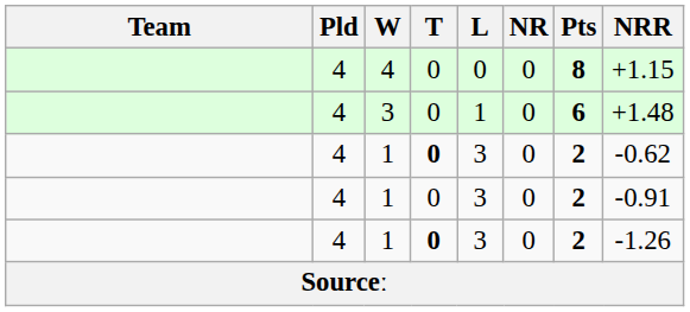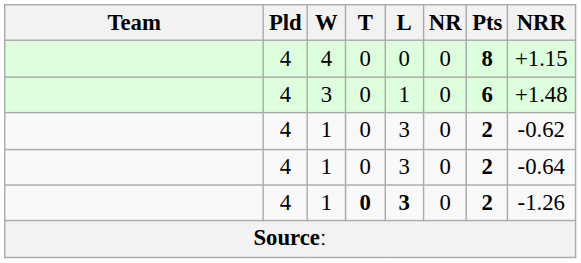 <table class="wikitable" style="text-align:center;">
 <tr>
 <th width="175">Team</th>
 <th abbr="Played" width="20">Pld</th>
 <th abbr="Won" width="20">W</th>
 <th abbr="Tied" width="20">T</th>
 <th abbr="Lost" width="20">L</th>
 <th abbr="No result" width="20">NR</th>
 <th abbr="Points" width="20">Pts</th>
 <th abbr="Net run rate" width="40">NRR</th>
 </tr>
 <tr bgcolor="#ddffdd">
 <td align="left"></td>
 <td>4</td>
 <td>4</td>
 <td>0</td>
 <td>0</td>
 <td>0</td>
 <td><strong>8</strong></td>
 <td>+1.15</td>
 </tr>
 <tr bgcolor="#ddffdd">
 <td align="left"></td>
 <td>4</td>
 <td>3</td>
 <td>0</td>
 <td>1</td>
 <td>0</td>
 <td><strong>6</strong></td>
 <td>+1.48</td>
 </tr>
 <tr>
 <td align="left"></td>
 <td>4</td>
 <td>1</td>
-<td><strong>0</strong></td>
+<td>0</td>
 <td>3</td>
 <td>0</td>
 <td><strong>2</strong></td>
 <td>-0.62</td>
 </tr>
 <tr>
 <td align="left"></td>
 <td>4</td>
 <td>1</td>
 <td>0</td>
 <td>3</td>
 <td>0</td>
 <td><strong>2</strong></td>
-<td>-0.91</td>
+<td>-0.64</td>
 </tr>
 <tr>
 <td align="left"></td>
 <td>4</td>
 <td>1</td>
 <td><strong>0</strong></td>
-<td>3</td>
+<td><strong>3</strong></td>
 <td>0</td>
 <td><strong>2</strong></td>
 <td>-1.26</td>
 </tr>
 <tr>
 <th colspan="8">Sourceː</th>
 </tr>
 </table>
